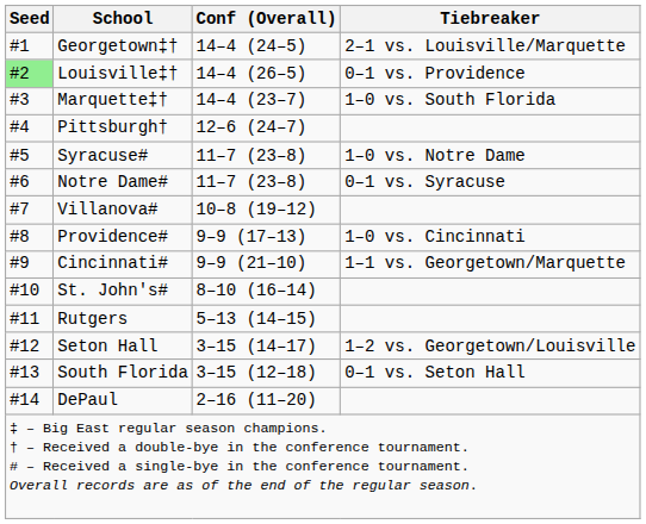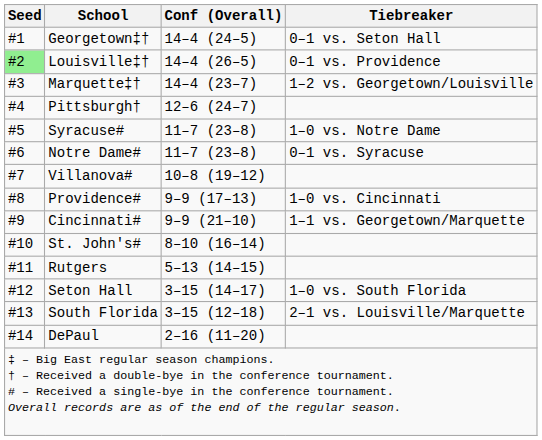 <table class="wikitable">
 <tr>
 <th>Seed</th>
 <th>School</th>
 <th>Conf (Overall)</th>
 <th>Tiebreaker</th>
 </tr>
 <tr>
 <td>#1</td>
 <td>Georgetown‡†</td>
 <td>14–4 (24–5)</td>
-<td>2–1 vs. Louisville/Marquette</td>
+<td>0–1 vs. Seton Hall</td>
 </tr>
 <tr>
 <td style="background: lightgreen;">#2</td>
 <td>Louisville‡†</td>
 <td>14–4 (26–5)</td>
 <td>0–1 vs. Providence</td>
 </tr>
 <tr>
 <td>#3</td>
 <td>Marquette‡†</td>
 <td>14–4 (23–7)</td>
-<td>1–0 vs. South Florida</td>
+<td>1–2 vs. Georgetown/Louisville</td>
 </tr>
 <tr>
 <td>#4</td>
 <td>Pittsburgh†</td>
 <td>12–6 (24–7)</td>
 <td></td>
 </tr>
 <tr>
 <td>#5</td>
 <td>Syracuse#</td>
 <td>11–7 (23–8)</td>
 <td>1–0 vs. Notre Dame</td>
 </tr>
 <tr>
 <td>#6</td>
 <td>Notre Dame#</td>
 <td>11–7 (23–8)</td>
 <td>0–1 vs. Syracuse</td>
 </tr>
 <tr>
 <td>#7</td>
 <td>Villanova#</td>
 <td>10–8 (19–12)</td>
 <td></td>
 </tr>
 <tr>
 <td>#8</td>
 <td>Providence#</td>
 <td>9–9 (17–13)</td>
 <td>1–0 vs. Cincinnati</td>
 </tr>
 <tr>
 <td>#9</td>
 <td>Cincinnati#</td>
 <td>9–9 (21–10)</td>
 <td>1–1 vs. Georgetown/Marquette</td>
 </tr>
 <tr>
 <td>#10</td>
 <td>St. John's#</td>
 <td>8–10 (16–14)</td>
 <td></td>
 </tr>
 <tr>
 <td>#11</td>
 <td>Rutgers</td>
 <td>5–13 (14–15)</td>
 <td></td>
 </tr>
 <tr>
 <td>#12</td>
 <td>Seton Hall</td>
 <td>3–15 (14–17)</td>
-<td>1–2 vs. Georgetown/Louisville</td>
+<td>1–0 vs. South Florida</td>
 </tr>
 <tr>
 <td>#13</td>
 <td>South Florida</td>
 <td>3–15 (12–18)</td>
-<td>0–1 vs. Seton Hall</td>
+<td>2–1 vs. Louisville/Marquette</td>
 </tr>
 <tr>
 <td>#14</td>
 <td>DePaul</td>
 <td>2–16 (11–20)</td>
 <td></td>
 </tr>
 <tr>
 <td colspan="6" style="text-align:left;"><small>‡ – Big East regular season champions.<br>† – Received a double-bye in the conference tournament.<br># – Received a single-bye in the conference tournament. <br><em>Overall records are as of the end of the regular season</em>.</small><br><br></td>
 </tr>
 </table>
